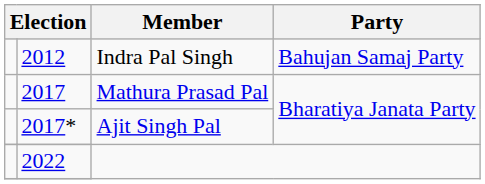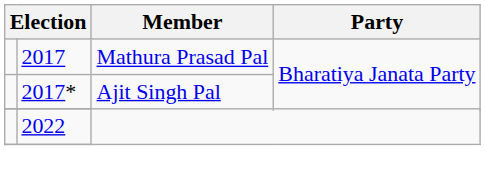 <table class="wikitable">
 <tr>
 <th colspan="2">Election</th>
 <th>Member</th>
 <th>Party</th>
-</tr>
-<tr>
-<td style="background-color: "></td>
-<td><a href='#'>2012</a></td>
-<td>Indra Pal Singh</td>
-<td><a href='#'>Bahujan Samaj Party</a></td>
 </tr>
 <tr>
 <td style="background-color: "></td>
 <td><a href='#'>2017</a></td>
 <td><a href='#'>Mathura Prasad Pal</a></td>
 <td rowspan="3"><a href='#'>Bharatiya Janata Party</a></td>
 </tr>
 <tr>
 <td style="background-color: "></td>
 <td><a href='#'>2017</a>*</td>
 <td rowspan="2"><a href='#'>Ajit Singh Pal</a></td>
 </tr>
 <tr>
 </tr>
 <tr>
 <td style="background-color: "></td>
 <td><a href='#'>2022</a></td>
 </tr>
 <tr>
 </tr>
 </table>
